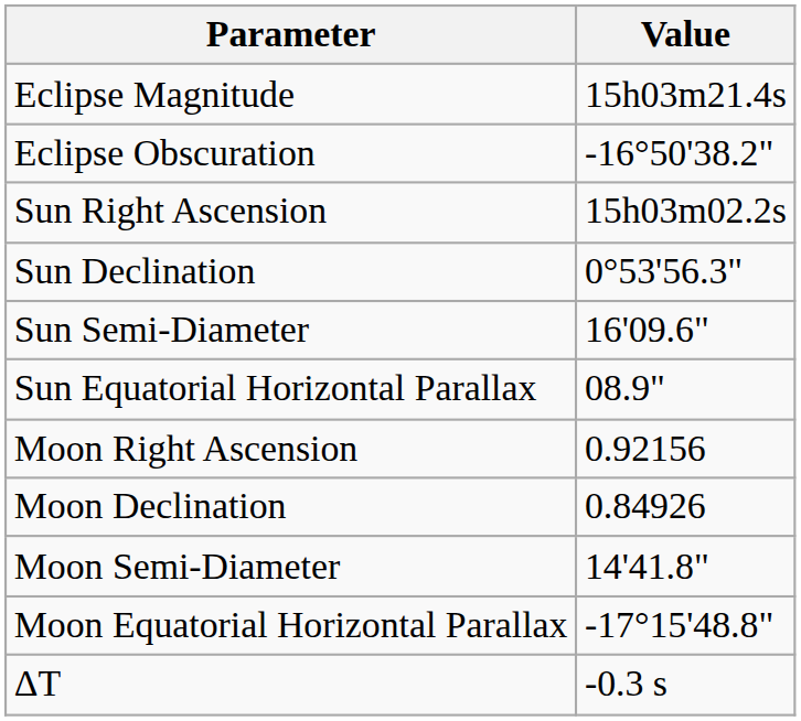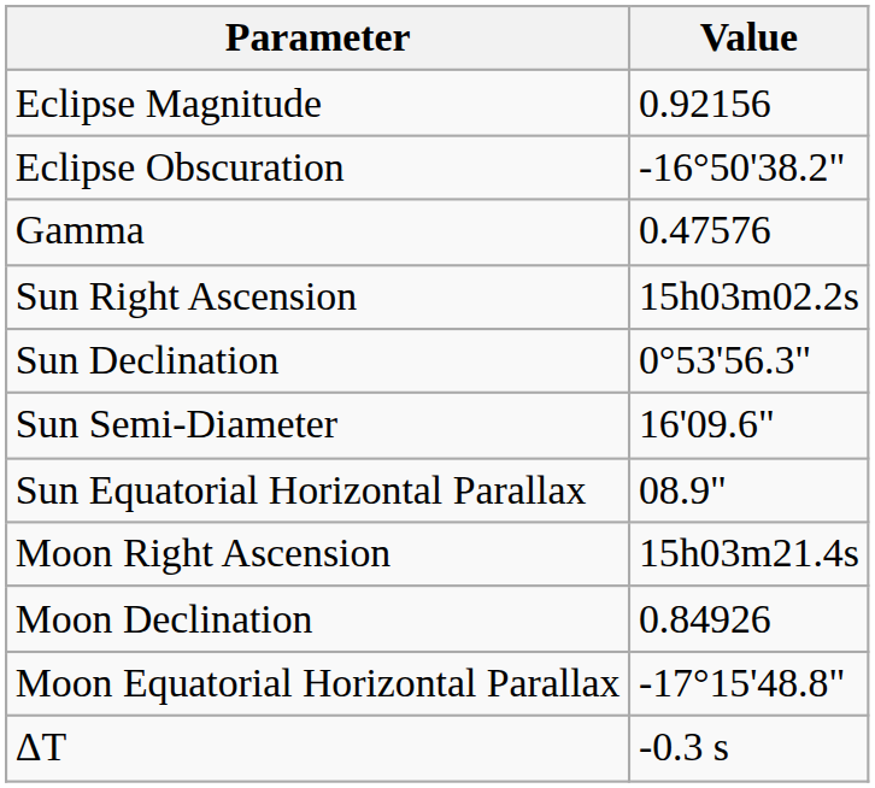 <table class="wikitable">
 <tr>
 <th>Parameter</th>
 <th>Value</th>
 </tr>
 <tr>
 <td>Eclipse Magnitude</td>
-<td>15h03m21.4s</td>
+<td>0.92156</td>
 </tr>
 <tr>
 <td>Eclipse Obscuration</td>
 <td>-16°50'38.2"</td>
+</tr>
+<tr>
+<td>Gamma</td>
+<td>0.47576</td>
 </tr>
 <tr>
 <td>Sun Right Ascension</td>
 <td>15h03m02.2s</td>
 </tr>
 <tr>
 <td>Sun Declination</td>
 <td>0°53'56.3"</td>
 </tr>
 <tr>
 <td>Sun Semi-Diameter</td>
 <td>16'09.6"</td>
 </tr>
 <tr>
 <td>Sun Equatorial Horizontal Parallax</td>
 <td>08.9"</td>
 </tr>
 <tr>
 <td>Moon Right Ascension</td>
-<td>0.92156</td>
+<td>15h03m21.4s</td>
 </tr>
 <tr>
 <td>Moon Declination</td>
 <td>0.84926</td>
-</tr>
-<tr>
-<td>Moon Semi-Diameter</td>
-<td>14'41.8"</td>
 </tr>
 <tr>
 <td>Moon Equatorial Horizontal Parallax</td>
 <td>-17°15'48.8"</td>
 </tr>
 <tr>
 <td>ΔT</td>
 <td>-0.3 s</td>
 </tr>
 </table>
